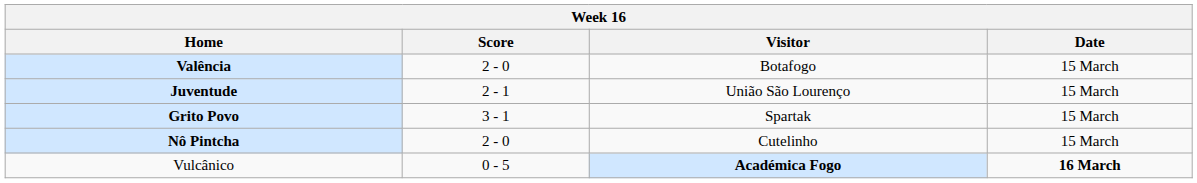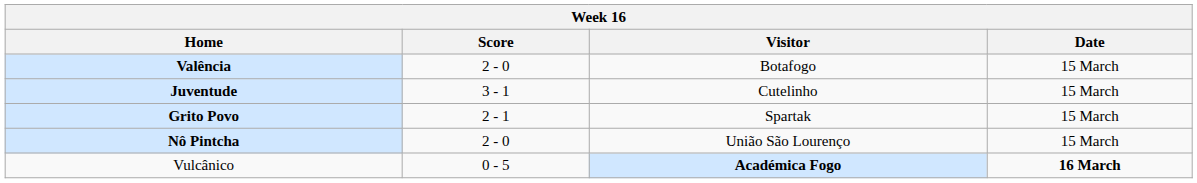 <table class="wikitable" style="margin:1em auto; font-size:95%; text-align: center; width: 95%;">
 <tr>
 <th colspan="12"  style="with:100%; text-align:center;">Week 16</th>
 </tr>
 <tr>
 <th style="width:200px;">Home</th>
 <th width="90">Score</th>
 <th style="width:200px;">Visitor</th>
 <th style="width:100px;">Date</th>
 </tr>
 <tr align=center>
 <td style="background:#d0e7ff;"><strong>Valência</strong></td>
 <td>2 - 0</td>
 <td>Botafogo</td>
 <td>15 March</td>
 </tr>
 <tr align=center>
 <td style="background:#d0e7ff;"><strong>Juventude</strong></td>
-<td>2 - 1</td>
-<td>União São Lourenço</td>
+<td>3 - 1</td>
+<td>Cutelinho</td>
 <td>15 March</td>
 </tr>
 <tr align=center>
 <td style="background:#d0e7ff;"><strong>Grito Povo</strong></td>
-<td>3 - 1</td>
+<td>2 - 1</td>
 <td>Spartak</td>
 <td>15 March</td>
 </tr>
 <tr align=center>
 <td style="background:#d0e7ff;"><strong>Nô Pintcha</strong></td>
 <td>2 - 0</td>
-<td>Cutelinho</td>
+<td>União São Lourenço</td>
 <td>15 March</td>
 </tr>
 <tr align=center>
 <td>Vulcânico</td>
 <td>0 - 5</td>
 <td style="background:#d0e7ff;"><strong>Académica Fogo</strong></td>
 <td><strong>16 March</strong></td>
 </tr>
 </table>
